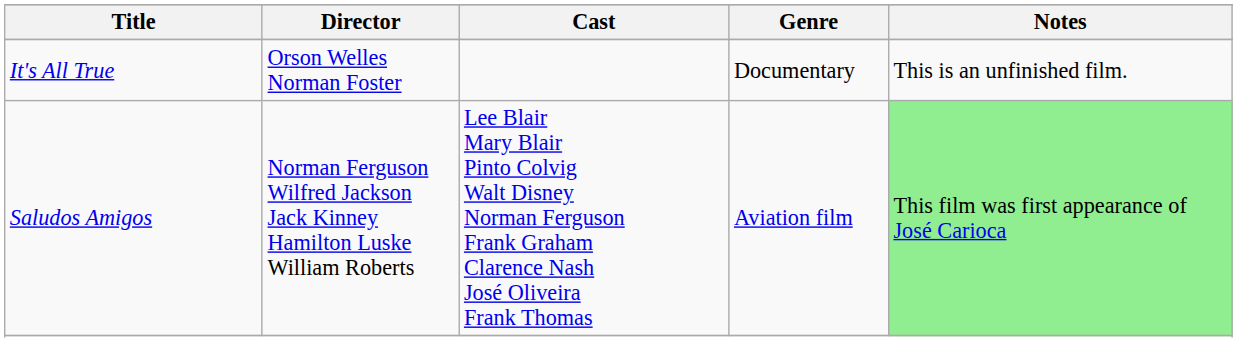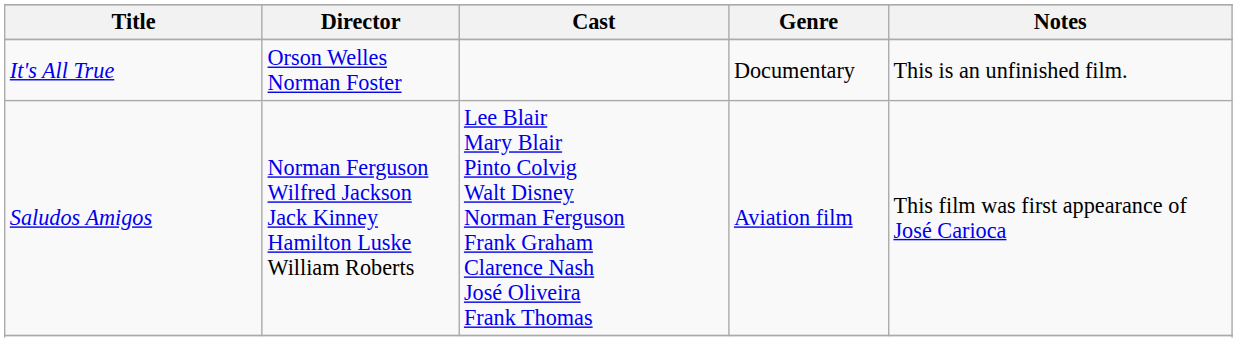 <table class="wikitable sortable" style="width:100%;">
 <tr>
 </tr>
 <tr>
 <th width=21%>Title</th>
 <th width=16%>Director</th>
 <th width=22%>Cast</th>
 <th width=13%>Genre</th>
 <th width=28%>Notes</th>
 </tr>
 <tr>
 </tr>
 <tr>
 <td><em><a href='#'>It's All True</a></em></td>
 <td><a href='#'>Orson Welles</a><br><a href='#'>Norman Foster</a></td>
 <td></td>
 <td>Documentary</td>
 <td>This is an unfinished film.</td>
 </tr>
 <tr>
 <td><em><a href='#'>Saludos Amigos</a></em></td>
 <td><a href='#'>Norman Ferguson</a><br><a href='#'>Wilfred Jackson</a><br><a href='#'>Jack Kinney</a><br><a href='#'>Hamilton Luske</a><br>William Roberts</td>
 <td><a href='#'>Lee Blair</a><br><a href='#'>Mary Blair</a><br><a href='#'>Pinto Colvig</a><br><a href='#'>Walt Disney</a><br><a href='#'>Norman Ferguson</a><br><a href='#'>Frank Graham</a><br><a href='#'>Clarence Nash</a><br><a href='#'>José Oliveira</a><br><a href='#'>Frank Thomas</a></td>
 <td><a href='#'>Aviation film</a></td>
-<td style="background: lightgreen;">This film was first appearance of <a href='#'>José Carioca</a></td>
+<td>This film was first appearance of <a href='#'>José Carioca</a></td>
 </tr>
 <tr>
 </tr>
 <tr>
 </tr>
 </table>
